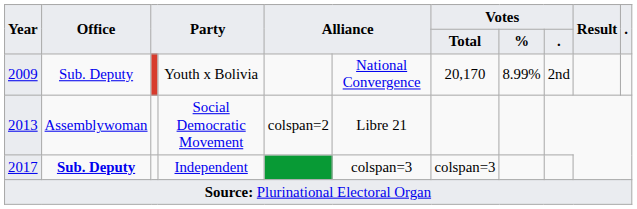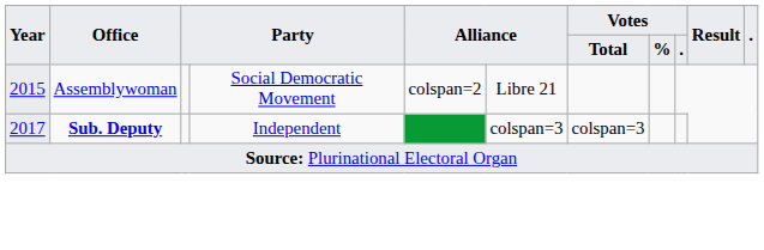 <table class="wikitable" style="font-size:90%; text-align:center;">
 <tr>
 <th style="background-color:#EAECF0;" rowspan=2>Year</th>
 <th style="background-color:#EAECF0;" rowspan=2>Office</th>
 <th style="background-color:#EAECF0;" colspan=2 rowspan=2>Party</th>
 <th style="background-color:#EAECF0;" colspan=2 rowspan=2>Alliance</th>
 <th style="background-color:#EAECF0;" colspan=3>Votes</th>
 <th style="background-color:#EAECF0;" rowspan=2>Result</th>
 <th style="background-color:#EAECF0;" rowspan=2>.</th>
 </tr>
 <tr>
 <th style="background-color:#EAECF0;">Total</th>
 <th style="background-color:#EAECF0;">%</th>
 <th style="background-color:#EAECF0;">.</th>
 </tr>
 <tr>
-<td style="background-color:#EAECF0;"><a href='#'>2009</a></td>
-<td><a href='#'>Sub. Deputy</a></td>
-<td style="background-color:#D73B2D;"></td>
-<td>Youth x Bolivia</td>
-<td style="background-color:"></td>
-<td><a href='#'>National Convergence</a></td>
-<td>20,170</td>
-<td>8.99%</td>
-<td>2nd</td>
-<td></td>
-<td></td>
-</tr>
-<tr>
-<td style="background-color:#EAECF0;"><a href='#'>2013</a></td>
+<td style="background-color:#EAECF0;"><a href='#'>2015</a></td>
 <td><a href='#'>Assemblywoman</a></td>
 <td style="background-color:"></td>
 <td><a href='#'>Social Democratic Movement</a></td>
 <td>colspan=2 </td>
 <td>Libre 21</td>
 <td></td>
 <td></td>
 </tr>
 <tr>
 <td style="background-color:#EAECF0;"><a href='#'>2017</a></td>
 <td><strong><a href='#'>Sub. Deputy</a></strong></td>
 <td style="background-color:"></td>
 <td><a href='#'>Independent</a></td>
 <td style="background-color:#089A35;"></td>
 <td>colspan=3 </td>
 <td>colspan=3 </td>
 <td></td>
 <td></td>
 </tr>
 <tr>
 <td style="background-color:#EAECF0;" colspan=11><strong>Source:</strong> <a href='#'>Plurinational Electoral Organ</a>  </td>
 </tr>
 </table>
